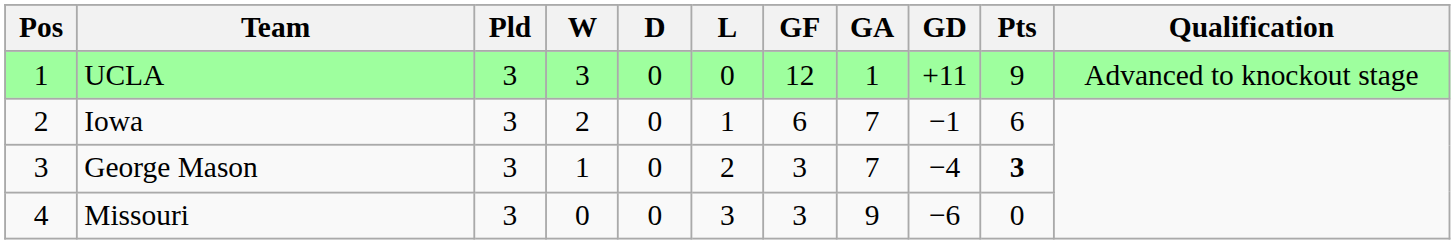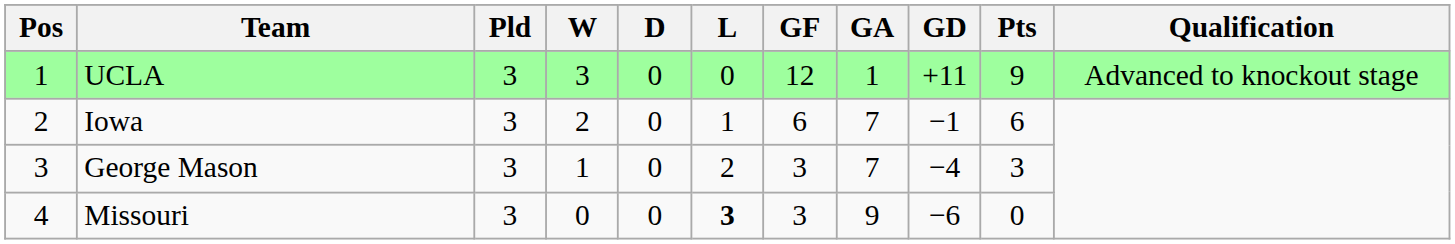 <table class="wikitable" style="text-align:center; margin: 1em auto">
 <tr>
 <th style="width:2em">Pos</th>
 <th style="width:13em">Team</th>
 <th style="width:2em">Pld</th>
 <th style="width:2em">W</th>
 <th style="width:2em">D</th>
 <th style="width:2em">L</th>
 <th style="width:2em">GF</th>
 <th style="width:2em">GA</th>
 <th style="width:2em">GD</th>
 <th style="width:2em">Pts</th>
 <th style="width:13em">Qualification</th>
 </tr>
 <tr bgcolor="#9eff9e">
 <td>1</td>
 <td style="text-align:left">UCLA</td>
 <td>3</td>
 <td>3</td>
 <td>0</td>
 <td>0</td>
 <td>12</td>
 <td>1</td>
 <td>+11</td>
 <td>9</td>
 <td>Advanced to knockout stage</td>
 </tr>
 <tr>
 <td>2</td>
 <td style="text-align:left">Iowa</td>
 <td>3</td>
 <td>2</td>
 <td>0</td>
 <td>1</td>
 <td>6</td>
 <td>7</td>
 <td>−1</td>
 <td>6</td>
 </tr>
 <tr>
 <td>3</td>
 <td style="text-align:left">George Mason</td>
 <td>3</td>
 <td>1</td>
 <td>0</td>
 <td>2</td>
 <td>3</td>
 <td>7</td>
 <td>−4</td>
-<td><strong>3</strong></td>
+<td>3</td>
 </tr>
 <tr>
 <td>4</td>
 <td style="text-align:left">Missouri</td>
 <td>3</td>
 <td>0</td>
 <td>0</td>
-<td>3</td>
+<td><strong>3</strong></td>
 <td>3</td>
 <td>9</td>
 <td>−6</td>
 <td>0</td>
 </tr>
 </table>
